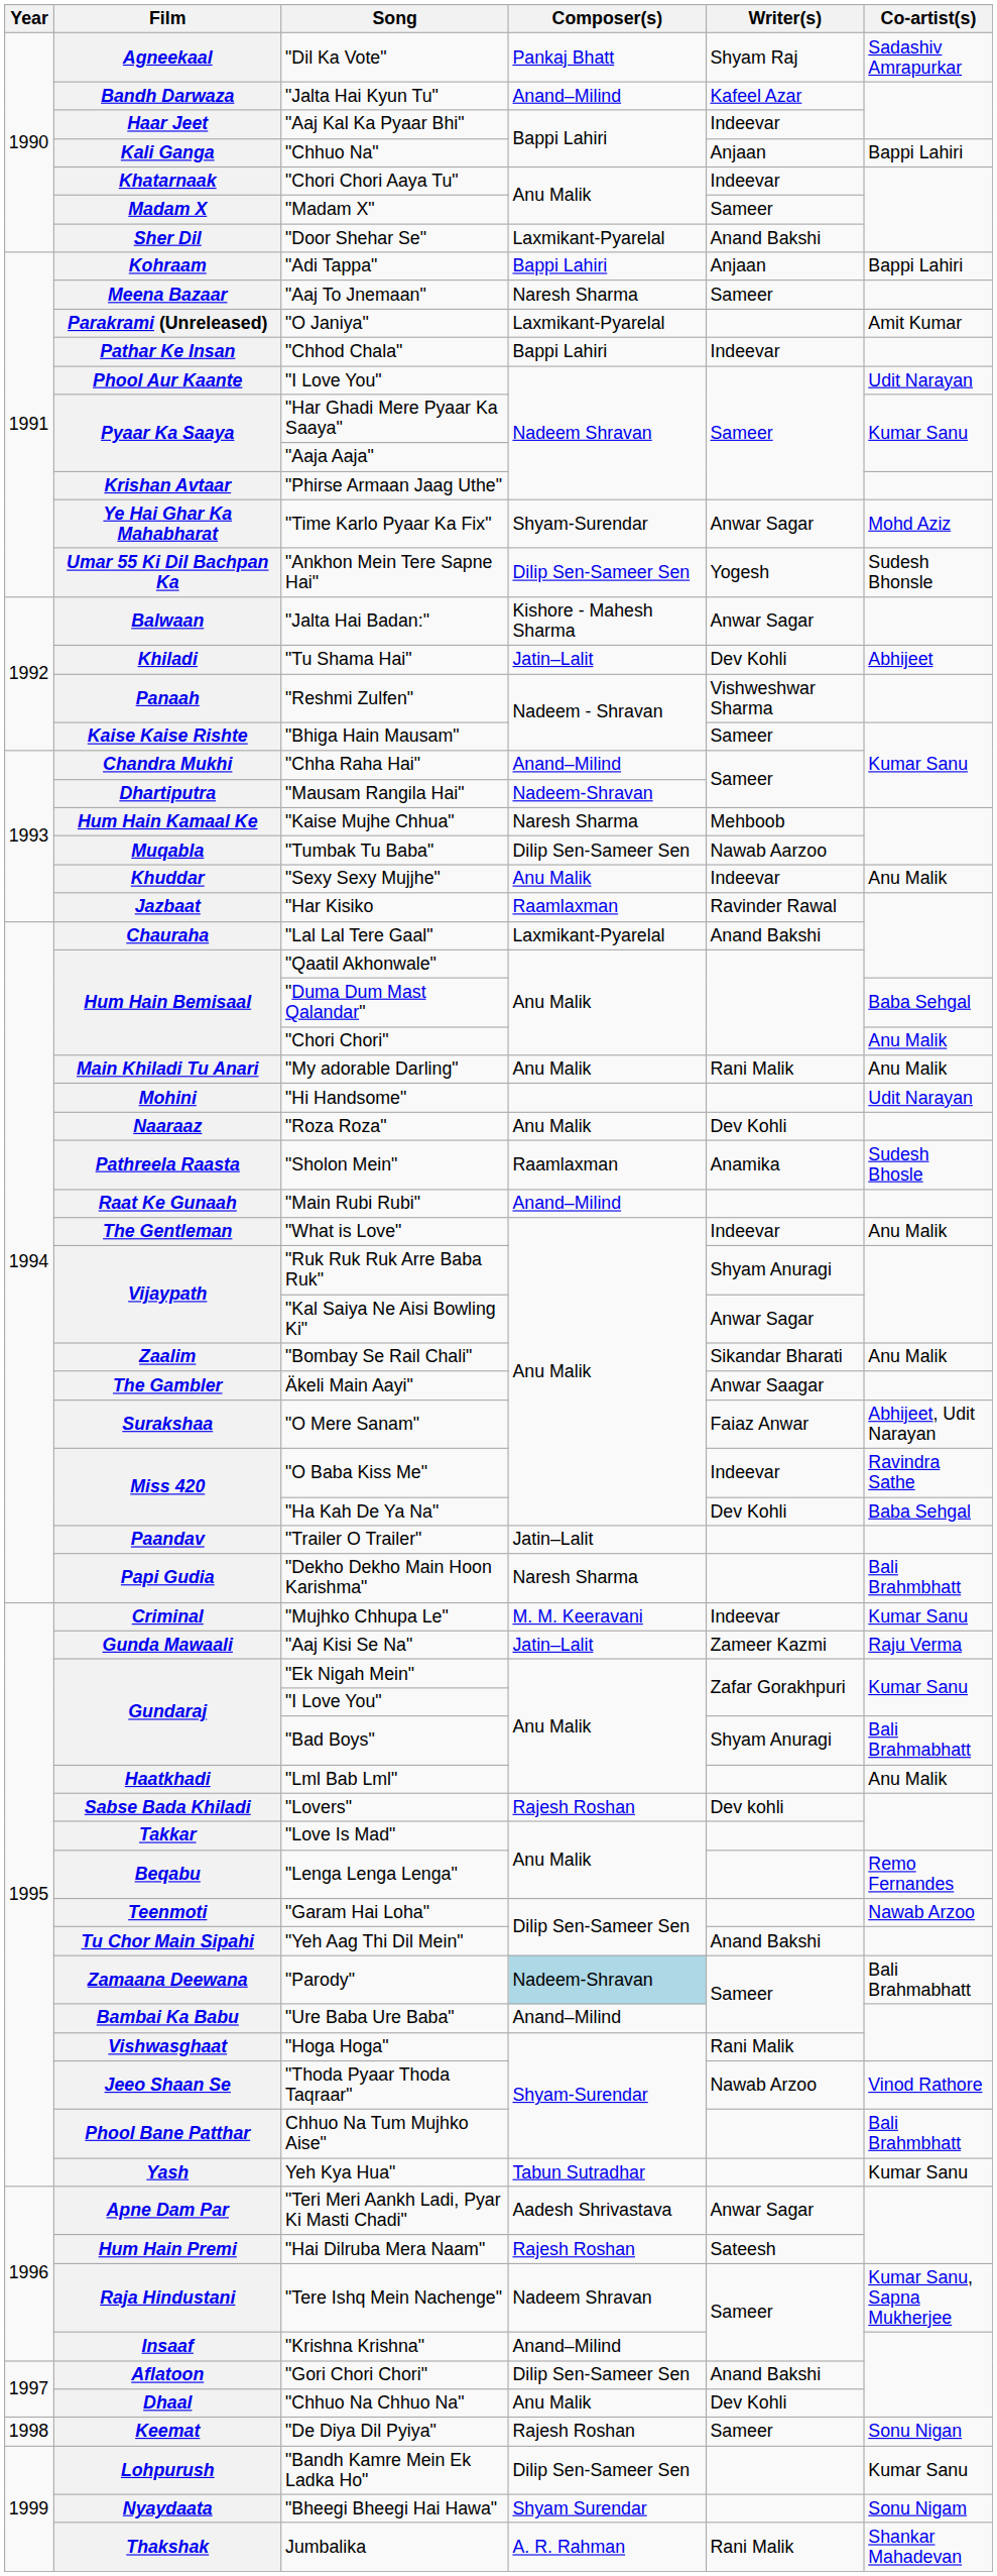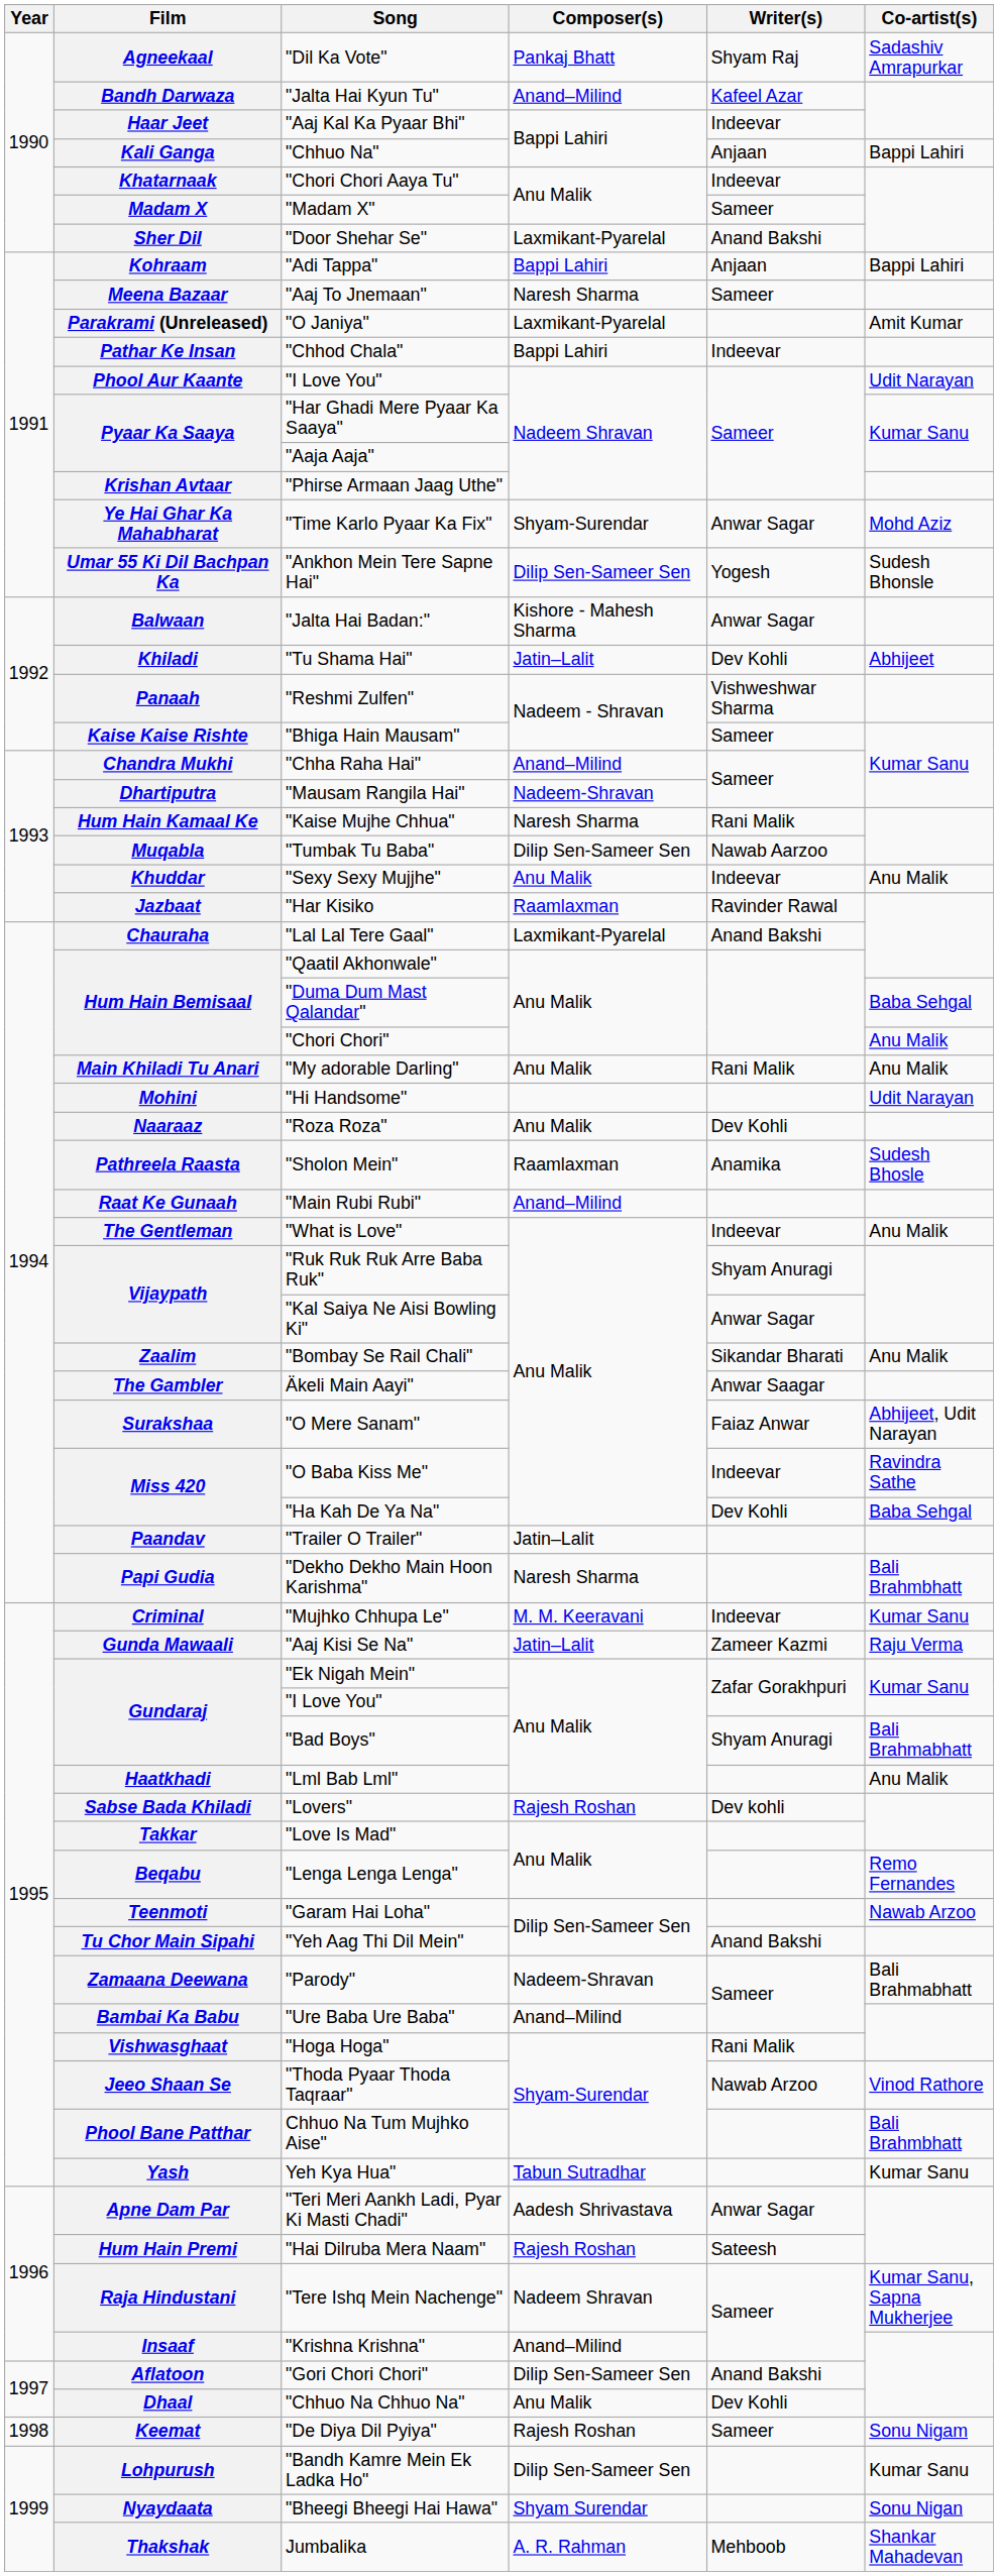 <table class="wikitable plainrowheaders" width="100%" textcolor:#000;">
 <tr style="background:#b0e0e66;">
 <th scope="col" width=5%><strong>Year</strong></th>
 <th scope="col" width=23%><strong>Film</strong></th>
 <th scope="col" width=23%><strong>Song</strong></th>
 <th scope="col" width=20%><strong>Composer(s)</strong></th>
 <th scope="col" width=16%><strong>Writer(s)</strong></th>
 <th scope="col" width=18%><strong>Co-artist(s)</strong></th>
 </tr>
 <tr>
 <td rowspan="7">1990</td>
 <th scope="row"><em><a href='#'>Agneekaal</a></em></th>
 <td>"Dil Ka Vote"</td>
 <td><a href='#'>Pankaj Bhatt</a></td>
 <td>Shyam Raj</td>
 <td><a href='#'>Sadashiv Amrapurkar</a></td>
 </tr>
 <tr>
 <th scope="row"><em><a href='#'>Bandh Darwaza</a></em></th>
 <td>"Jalta Hai Kyun Tu"</td>
 <td><a href='#'>Anand–Milind</a></td>
 <td><a href='#'>Kafeel Azar</a></td>
 <td rowspan="2"></td>
 </tr>
 <tr>
 <th scope="row"><em><a href='#'>Haar Jeet</a></em></th>
 <td>"Aaj Kal Ka Pyaar Bhi"</td>
 <td rowspan="2">Bappi Lahiri</td>
 <td>Indeevar</td>
 </tr>
 <tr>
 <th scope="row"><em><a href='#'>Kali Ganga</a></em></th>
 <td>"Chhuo Na"</td>
 <td>Anjaan</td>
 <td>Bappi Lahiri</td>
 </tr>
 <tr>
 <th scope="row"><em><a href='#'>Khatarnaak</a></em></th>
 <td>"Chori Chori Aaya Tu"</td>
 <td rowspan="2">Anu Malik</td>
 <td>Indeevar</td>
 <td rowspan="3"></td>
 </tr>
 <tr>
 <th scope="row"><em><a href='#'>Madam X</a></em></th>
 <td>"Madam X"</td>
 <td>Sameer</td>
 </tr>
 <tr>
 <th scope="row"><em><a href='#'>Sher Dil</a></em></th>
 <td>"Door Shehar Se"</td>
 <td>Laxmikant-Pyarelal</td>
 <td>Anand Bakshi</td>
 </tr>
 <tr>
 <td rowspan="10">1991</td>
 <th scope="row"><em><a href='#'>Kohraam</a></em></th>
 <td>"Adi Tappa"</td>
 <td><a href='#'>Bappi Lahiri</a></td>
 <td>Anjaan</td>
 <td>Bappi Lahiri</td>
 </tr>
 <tr>
 <th scope="row"><em><a href='#'>Meena Bazaar</a></em></th>
 <td>"Aaj To Jnemaan"</td>
 <td>Naresh Sharma</td>
 <td>Sameer</td>
 <td></td>
 </tr>
 <tr>
 <th scope="row"><em><a href='#'>Parakrami</a></em> (Unreleased)</th>
 <td>"O Janiya"</td>
 <td>Laxmikant-Pyarelal</td>
 <td></td>
 <td>Amit Kumar</td>
 </tr>
 <tr>
 <th scope="row"><em><a href='#'>Pathar Ke Insan</a></em></th>
 <td>"Chhod Chala"</td>
 <td>Bappi Lahiri</td>
 <td>Indeevar</td>
 <td></td>
 </tr>
 <tr>
 <th scope="row"><em><a href='#'>Phool Aur Kaante</a></em></th>
 <td>"I Love You"</td>
 <td rowspan="4"><a href='#'>Nadeem Shravan</a></td>
 <td rowspan="4"><a href='#'>Sameer</a></td>
 <td><a href='#'>Udit Narayan</a></td>
 </tr>
 <tr>
 <th scope="row" rowspan="2"><em><a href='#'>Pyaar Ka Saaya</a></em></th>
 <td>"Har Ghadi Mere Pyaar Ka Saaya"</td>
 <td rowspan="2"><a href='#'>Kumar Sanu</a></td>
 </tr>
 <tr>
 <td>"Aaja Aaja"</td>
 </tr>
 <tr>
 <th scope="row"><em><a href='#'>Krishan Avtaar</a></em></th>
 <td>"Phirse Armaan Jaag Uthe"</td>
 <td></td>
 </tr>
 <tr>
 <th scope="row"><em><a href='#'>Ye Hai Ghar Ka Mahabharat</a></em></th>
 <td>"Time Karlo Pyaar Ka Fix"</td>
 <td>Shyam-Surendar</td>
 <td>Anwar Sagar</td>
 <td><a href='#'>Mohd Aziz</a></td>
 </tr>
 <tr>
 <th scope="row"><em><a href='#'>Umar 55 Ki Dil Bachpan Ka</a></em></th>
 <td>"Ankhon Mein Tere Sapne Hai"</td>
 <td><a href='#'>Dilip Sen-Sameer Sen</a></td>
 <td>Yogesh</td>
 <td>Sudesh Bhonsle</td>
 </tr>
 <tr>
 <td rowspan="4">1992</td>
 <th scope="row"><em><a href='#'>Balwaan</a></em></th>
 <td>"Jalta Hai Badan:"</td>
 <td>Kishore - Mahesh Sharma</td>
 <td>Anwar Sagar</td>
 <td></td>
 </tr>
 <tr>
 <th scope="row"><em><a href='#'>Khiladi</a></em></th>
 <td>"Tu Shama Hai"</td>
 <td><a href='#'>Jatin–Lalit</a></td>
 <td>Dev Kohli</td>
 <td><a href='#'>Abhijeet</a></td>
 </tr>
 <tr>
 <th scope="row"><em><a href='#'>Panaah</a></em></th>
 <td>"Reshmi Zulfen"</td>
 <td rowspan="2">Nadeem - Shravan</td>
 <td>Vishweshwar Sharma</td>
 <td></td>
 </tr>
 <tr>
 <th scope="row"><em><a href='#'>Kaise Kaise Rishte</a></em></th>
 <td>"Bhiga Hain Mausam"</td>
 <td>Sameer</td>
 <td rowspan="3"><a href='#'>Kumar Sanu</a></td>
 </tr>
 <tr>
 <td rowspan="6">1993</td>
 <th scope="row"><em><a href='#'>Chandra Mukhi</a></em></th>
 <td>"Chha Raha Hai"</td>
 <td><a href='#'>Anand–Milind</a></td>
 <td rowspan="2">Sameer</td>
 </tr>
 <tr>
 <th scope="row"><em><a href='#'>Dhartiputra</a></em></th>
 <td>"Mausam Rangila Hai"</td>
 <td><a href='#'>Nadeem-Shravan</a></td>
 </tr>
 <tr>
 <th scope="row"><em><a href='#'>Hum Hain Kamaal Ke</a></em></th>
 <td>"Kaise Mujhe Chhua"</td>
 <td>Naresh Sharma</td>
-<td>Mehboob</td>
+<td>Rani Malik</td>
 <td rowspan="2"></td>
 </tr>
 <tr>
 <th scope="row"><em><a href='#'>Muqabla</a></em></th>
 <td>"Tumbak Tu Baba"</td>
 <td>Dilip Sen-Sameer Sen</td>
 <td>Nawab Aarzoo</td>
 </tr>
 <tr>
 <th scope="row"><em><a href='#'>Khuddar</a></em></th>
 <td>"Sexy Sexy Mujjhe"</td>
 <td><a href='#'>Anu Malik</a></td>
 <td>Indeevar</td>
 <td>Anu Malik</td>
 </tr>
 <tr>
 <th scope="row"><em><a href='#'>Jazbaat</a></em></th>
 <td>"Har Kisiko</td>
 <td><a href='#'>Raamlaxman</a></td>
 <td>Ravinder Rawal</td>
 <td rowspan="3"></td>
 </tr>
 <tr>
 <td rowspan="19">1994</td>
 <th scope="row"><em><a href='#'>Chauraha</a></em></th>
 <td>"Lal Lal Tere Gaal"</td>
 <td>Laxmikant-Pyarelal</td>
 <td>Anand Bakshi</td>
 </tr>
 <tr>
 <th rowspan="3" scope="row"><em><a href='#'>Hum Hain Bemisaal</a></em></th>
 <td>"Qaatil Akhonwale"</td>
 <td rowspan="3">Anu Malik</td>
 <td rowspan="3"></td>
 </tr>
 <tr>
 <td>"<a href='#'>Duma Dum Mast Qalandar</a>"</td>
 <td><a href='#'>Baba Sehgal</a></td>
 </tr>
 <tr>
 <td>"Chori Chori"</td>
 <td><a href='#'>Anu Malik</a></td>
 </tr>
 <tr>
 <th scope="row"><em><a href='#'>Main Khiladi Tu Anari</a></em></th>
 <td>"My adorable Darling"</td>
 <td>Anu Malik</td>
 <td>Rani Malik</td>
 <td>Anu Malik</td>
 </tr>
 <tr>
 <th scope="row"><em><a href='#'>Mohini</a></em></th>
 <td>"Hi Handsome"</td>
 <td></td>
 <td></td>
 <td><a href='#'>Udit Narayan</a></td>
 </tr>
 <tr>
 <th scope="row"><em><a href='#'>Naaraaz</a></em></th>
 <td>"Roza Roza"</td>
 <td>Anu Malik</td>
 <td>Dev Kohli</td>
 <td></td>
 </tr>
 <tr>
 <th scope="row"><em><a href='#'>Pathreela Raasta</a></em></th>
 <td>"Sholon Mein"</td>
 <td>Raamlaxman</td>
 <td>Anamika</td>
 <td><a href='#'>Sudesh Bhosle</a></td>
 </tr>
 <tr>
 <th scope="row"><em><a href='#'>Raat Ke Gunaah</a></em></th>
 <td>"Main Rubi Rubi"</td>
 <td><a href='#'>Anand–Milind</a></td>
 <td></td>
 <td></td>
 </tr>
 <tr>
 <th scope="row" rowspan="1"><em><a href='#'>The Gentleman</a></em></th>
 <td>"What is Love"</td>
 <td rowspan="8">Anu Malik</td>
 <td>Indeevar</td>
 <td>Anu Malik</td>
 </tr>
 <tr>
 <th scope="row" rowspan="2"><em><a href='#'>Vijaypath</a></em></th>
 <td>"Ruk Ruk Ruk Arre Baba Ruk"</td>
 <td>Shyam Anuragi</td>
 <td rowspan="2"></td>
 </tr>
 <tr>
 <td>"Kal Saiya Ne Aisi Bowling Ki"</td>
 <td>Anwar Sagar</td>
 </tr>
 <tr>
 <th scope="row"><em><a href='#'>Zaalim</a></em></th>
 <td>"Bombay Se Rail Chali"</td>
 <td>Sikandar Bharati</td>
 <td>Anu Malik</td>
 </tr>
 <tr>
 <th scope="row"><em><a href='#'>The Gambler</a></em></th>
 <td>Äkeli Main Aayi"</td>
 <td>Anwar Saagar</td>
 <td></td>
 </tr>
 <tr>
 <th scope="row"><em><a href='#'>Surakshaa</a></em></th>
 <td>"O Mere Sanam"</td>
 <td>Faiaz Anwar</td>
 <td><a href='#'>Abhijeet</a>, Udit Narayan</td>
 </tr>
 <tr>
 <th scope="row" rowspan="2"><em><a href='#'>Miss 420</a></em></th>
 <td>"O Baba Kiss Me"</td>
 <td>Indeevar</td>
 <td><a href='#'>Ravindra Sathe</a></td>
 </tr>
 <tr>
 <td>"Ha Kah De Ya Na"</td>
 <td>Dev Kohli</td>
 <td><a href='#'>Baba Sehgal</a></td>
 </tr>
 <tr>
 <th scope="row"><em><a href='#'>Paandav</a></em></th>
 <td>"Trailer O Trailer"</td>
 <td>Jatin–Lalit</td>
 <td></td>
 <td></td>
 </tr>
 <tr>
 <th scope="row"><em><a href='#'>Papi Gudia</a></em></th>
 <td>"Dekho Dekho Main Hoon Karishma"</td>
 <td>Naresh Sharma</td>
 <td></td>
 <td><a href='#'>Bali Brahmbhatt</a></td>
 </tr>
 <tr>
 <td rowspan="17">1995</td>
 <th scope="row"><em><a href='#'>Criminal</a></em></th>
 <td>"Mujhko Chhupa Le"</td>
 <td><a href='#'>M. M. Keeravani</a></td>
 <td>Indeevar</td>
 <td><a href='#'>Kumar Sanu</a></td>
 </tr>
 <tr>
 <th scope="row"><em><a href='#'>Gunda Mawaali</a></em></th>
 <td>"Aaj Kisi Se Na"</td>
 <td><a href='#'>Jatin–Lalit</a></td>
 <td>Zameer Kazmi</td>
 <td><a href='#'>Raju Verma</a></td>
 </tr>
 <tr>
 <th rowspan="3" scope="row"><em><a href='#'>Gundaraj</a></em></th>
 <td>"Ek Nigah Mein"</td>
 <td rowspan="4" scope="row">Anu Malik</td>
 <td rowspan="2">Zafar Gorakhpuri</td>
 <td rowspan="2"><a href='#'>Kumar Sanu</a></td>
 </tr>
 <tr>
 <td>"I Love You"</td>
 </tr>
 <tr>
 <td>"Bad Boys"</td>
 <td>Shyam Anuragi</td>
 <td><a href='#'>Bali Brahmabhatt</a></td>
 </tr>
 <tr>
 <th scope="row"><em><a href='#'>Haatkhadi</a></em></th>
 <td>"Lml Bab Lml"</td>
 <td></td>
 <td>Anu Malik</td>
 </tr>
 <tr>
 <th scope="row"><em><a href='#'>Sabse Bada Khiladi</a></em></th>
 <td>"Lovers"</td>
 <td rowspan="1"><a href='#'>Rajesh Roshan</a></td>
 <td>Dev kohli</td>
 <td rowspan="2"></td>
 </tr>
 <tr>
 <th scope="row"><em><a href='#'>Takkar</a></em></th>
 <td>"Love Is Mad"</td>
 <td rowspan="2">Anu Malik</td>
 <td></td>
 </tr>
 <tr>
 <th scope="row"><em><a href='#'>Beqabu</a></em></th>
 <td>"Lenga Lenga Lenga"</td>
 <td></td>
 <td><a href='#'>Remo Fernandes</a></td>
 </tr>
 <tr>
 <th scope="row"><em><a href='#'>Teenmoti</a></em></th>
 <td>"Garam Hai Loha"</td>
 <td rowspan="2">Dilip Sen-Sameer Sen</td>
 <td rowspan="1"></td>
 <td><a href='#'>Nawab Arzoo</a></td>
 </tr>
 <tr>
 <th scope="row"><em><a href='#'>Tu Chor Main Sipahi</a></em></th>
 <td>"Yeh Aag Thi Dil Mein"</td>
 <td>Anand Bakshi</td>
 <td></td>
 </tr>
 <tr>
 <th scope="row"><em><a href='#'>Zamaana Deewana</a></em></th>
 <td>"Parody"</td>
-<td rowspan="1" style="background: lightblue;">Nadeem-Shravan</td>
+<td rowspan="1">Nadeem-Shravan</td>
 <td rowspan="2">Sameer</td>
 <td>Bali Brahmabhatt</td>
 </tr>
 <tr>
 <th scope="row"><em><a href='#'>Bambai Ka Babu</a></em></th>
 <td>"Ure Baba Ure Baba"</td>
 <td rowspan="1">Anand–Milind</td>
 <td rowspan="2"></td>
 </tr>
 <tr>
 <th scope="row"><em><a href='#'>Vishwasghaat</a></em></th>
 <td>"Hoga Hoga"</td>
 <td rowspan="3"><a href='#'>Shyam-Surendar</a></td>
 <td>Rani Malik</td>
 </tr>
 <tr>
 <th scope="row"><em><a href='#'>Jeeo Shaan Se</a></em></th>
 <td>"Thoda Pyaar Thoda Taqraar"</td>
 <td>Nawab Arzoo</td>
 <td><a href='#'>Vinod Rathore</a></td>
 </tr>
 <tr>
 <th scope="row"><em><a href='#'>Phool Bane Patthar</a></em></th>
 <td>Chhuo Na Tum Mujhko Aise"</td>
 <td></td>
 <td><a href='#'>Bali Brahmbhatt</a></td>
 </tr>
 <tr>
 <th scope="row"><em><a href='#'>Yash</a></em></th>
 <td>Yeh Kya Hua"</td>
 <td><a href='#'>Tabun Sutradhar</a></td>
 <td></td>
 <td>Kumar Sanu</td>
 </tr>
 <tr>
 <td rowspan="4">1996</td>
 <th scope="row"><em><a href='#'>Apne Dam Par</a></em></th>
 <td>"Teri Meri Aankh Ladi, Pyar Ki Masti Chadi"</td>
 <td>Aadesh Shrivastava</td>
 <td>Anwar Sagar</td>
 <td rowspan="2"></td>
 </tr>
 <tr>
 <th scope="row"><em><a href='#'>Hum Hain Premi</a></em></th>
 <td>"Hai Dilruba Mera Naam"</td>
 <td><a href='#'>Rajesh Roshan</a></td>
 <td>Sateesh</td>
 </tr>
 <tr>
 <th scope="row"><em><a href='#'>Raja Hindustani</a></em></th>
 <td>"Tere Ishq Mein Nachenge"</td>
 <td>Nadeem Shravan</td>
 <td rowspan="2">Sameer</td>
 <td><a href='#'>Kumar Sanu</a>, <a href='#'>Sapna Mukherjee</a></td>
 </tr>
 <tr>
 <th scope="row"><em><a href='#'>Insaaf</a></em></th>
 <td>"Krishna Krishna"</td>
 <td>Anand–Milind</td>
 <td rowspan="3"></td>
 </tr>
 <tr>
 <td rowspan="2">1997</td>
 <th scope="row"><em><a href='#'>Aflatoon</a></em></th>
 <td>"Gori Chori Chori"</td>
 <td>Dilip Sen-Sameer Sen</td>
 <td>Anand Bakshi</td>
 </tr>
 <tr>
 <th scope="row"><em><a href='#'>Dhaal</a></em></th>
 <td>"Chhuo Na Chhuo Na"</td>
 <td>Anu Malik</td>
 <td>Dev Kohli</td>
 </tr>
 <tr>
 <td>1998</td>
 <th scope="row"><em><a href='#'>Keemat</a></em></th>
 <td>"De Diya Dil Pyiya"</td>
 <td>Rajesh Roshan</td>
 <td>Sameer</td>
-<td><a href='#'>Sonu Nigan</a></td>
+<td><a href='#'>Sonu Nigam</a></td>
 </tr>
 <tr>
 <td rowspan="3">1999</td>
 <th scope="row"><em><a href='#'>Lohpurush</a></em></th>
 <td>"Bandh Kamre Mein Ek Ladka Ho"</td>
 <td>Dilip Sen-Sameer Sen</td>
 <td></td>
 <td>Kumar Sanu</td>
 </tr>
 <tr>
 <th scope="row" rowspan="1"><em><a href='#'>Nyaydaata</a></em></th>
 <td>"Bheegi Bheegi Hai Hawa"</td>
 <td rowspan="1"><a href='#'>Shyam Surendar</a></td>
 <td></td>
-<td><a href='#'>Sonu Nigam</a></td>
+<td><a href='#'>Sonu Nigan</a></td>
 </tr>
 <tr>
 <th scope="row"><em><a href='#'>Thakshak</a></em></th>
 <td>Jumbalika</td>
 <td><a href='#'>A. R. Rahman</a></td>
-<td>Rani Malik</td>
+<td>Mehboob</td>
 <td><a href='#'>Shankar Mahadevan</a></td>
 </tr>
 </table>
